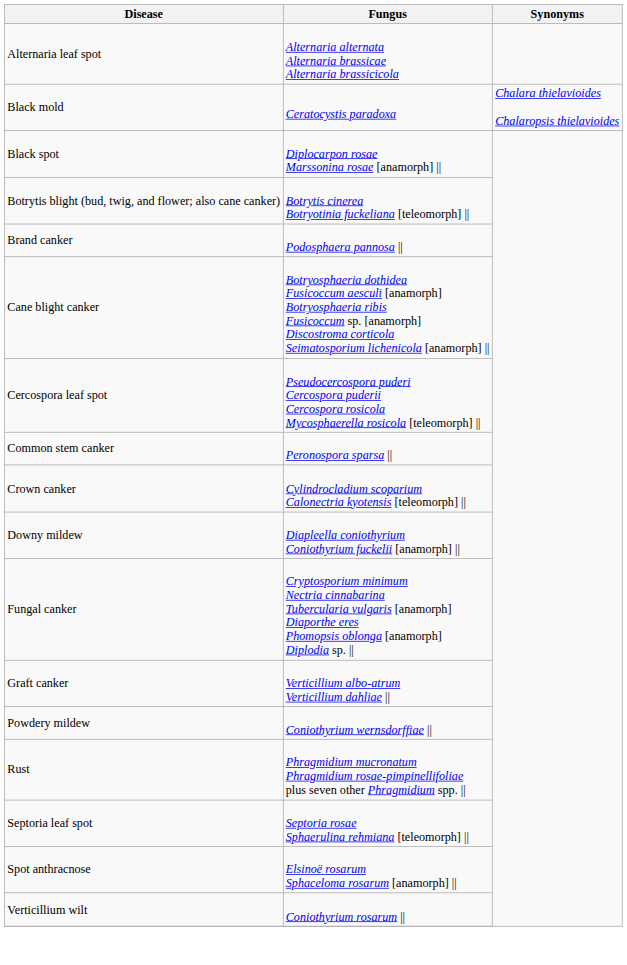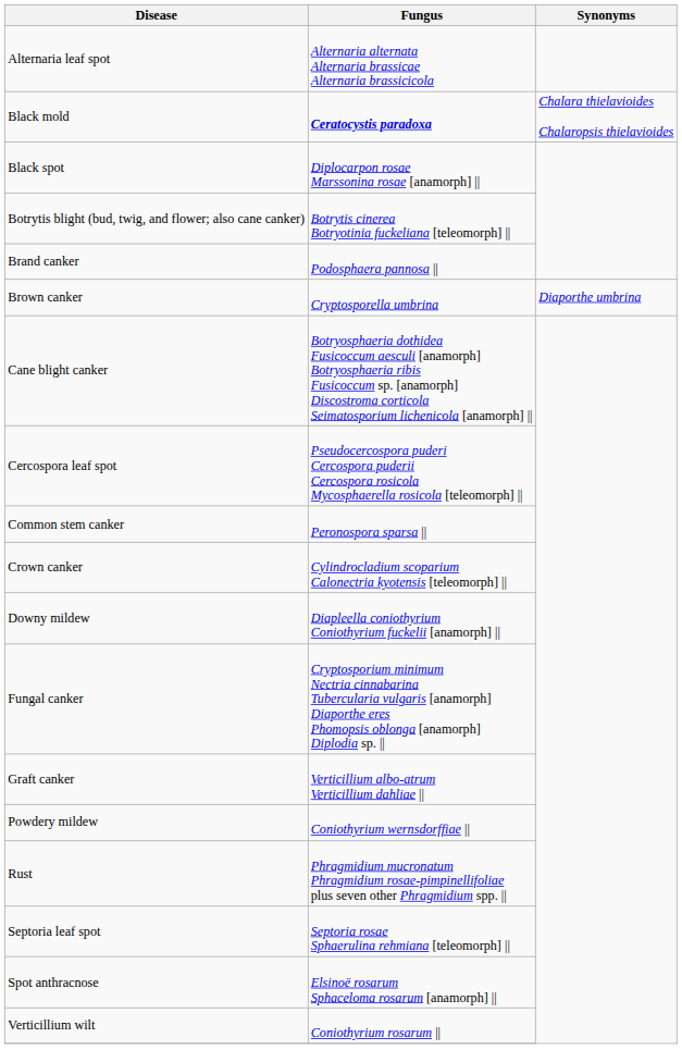 <table class="wikitable collapsible collapsed"  style="margin: 1em auto 1em auto; clear">
 <tr>
 <th>Disease</th>
 <th>Fungus</th>
 <th>Synonyms</th>
 </tr>
 <tr>
 <td>Alternaria leaf spot</td>
 <td><br><em><a href='#'>Alternaria alternata</a></em><br> <em><a href='#'>Alternaria brassicae</a></em> <br> <em><a href='#'>Alternaria brassicicola</a></em></td>
 </tr>
 <tr>
 <td>Black mold</td>
-<td><br><em><a href='#'>Ceratocystis paradoxa</a></em></td>
+<td><strong><br><em><a href='#'>Ceratocystis paradoxa</a></em></strong></td>
 <td><em><a href='#'>Chalara thielavioides</a></em> <br><br><em><a href='#'>Chalaropsis thielavioides</a></em></td>
 </tr>
 <tr>
 <td>Black spot</td>
 <td><br><em><a href='#'>Diplocarpon rosae</a></em><br> <em><a href='#'>Marssonina rosae</a></em> [anamorph] ||</td>
 </tr>
 <tr>
 <td>Botrytis blight (bud, twig, and flower; also cane canker)</td>
 <td><br><em><a href='#'>Botrytis cinerea</a></em><br> <em><a href='#'>Botryotinia fuckeliana</a></em> [teleomorph] ||</td>
 </tr>
 <tr>
 <td>Brand canker</td>
 <td><br><em><a href='#'>Podosphaera pannosa</a></em> ||</td>
+</tr>
+<tr>
+<td>Brown canker</td>
+<td><br><em><a href='#'>Cryptosporella umbrina</a></em></td>
+<td><em><a href='#'>Diaporthe umbrina</a></em></td>
 </tr>
 <tr>
 <td>Cane blight canker</td>
 <td><br><em><a href='#'>Botryosphaeria dothidea</a></em><br> <em><a href='#'>Fusicoccum aesculi</a></em> [anamorph]<br> <em><a href='#'>Botryosphaeria ribis</a></em><br> <em><a href='#'>Fusicoccum</a></em> sp. [anamorph] <br> <em><a href='#'>Discostroma corticola</a></em><br> <em><a href='#'>Seimatosporium lichenicola</a></em> [anamorph] ||</td>
 </tr>
 <tr>
 <td>Cercospora leaf spot</td>
 <td><br><em><a href='#'>Pseudocercospora puderi</a></em> <br> <em><a href='#'>Cercospora puderii</a></em><br> <em><a href='#'>Cercospora rosicola</a></em><br> <em><a href='#'>Mycosphaerella rosicola</a></em> [teleomorph] ||</td>
 </tr>
 <tr>
 <td>Common stem canker</td>
 <td><br><em><a href='#'>Peronospora sparsa</a></em> ||</td>
 </tr>
 <tr>
 <td>Crown canker</td>
 <td><br><em><a href='#'>Cylindrocladium scoparium</a></em><br> <em><a href='#'>Calonectria kyotensis</a></em> [teleomorph] ||</td>
 </tr>
 <tr>
 <td>Downy mildew</td>
 <td><br><em><a href='#'>Diapleella coniothyrium</a></em><br> <em><a href='#'>Coniothyrium fuckelii</a></em> [anamorph] ||</td>
 </tr>
 <tr>
 <td>Fungal canker</td>
 <td><br><em><a href='#'>Cryptosporium minimum</a></em><br> <em><a href='#'>Nectria cinnabarina</a></em><br> <em><a href='#'>Tubercularia vulgaris</a></em> [anamorph]<br> <em><a href='#'>Diaporthe eres</a></em><br> <em><a href='#'>Phomopsis oblonga</a></em> [anamorph]<br> <em><a href='#'>Diplodia</a></em> sp. ||</td>
 </tr>
 <tr>
 <td>Graft canker</td>
 <td><br><em><a href='#'>Verticillium albo-atrum</a></em><br> <em><a href='#'>Verticillium dahliae</a></em> ||</td>
 </tr>
 <tr>
 <td>Powdery mildew</td>
 <td><br><em><a href='#'>Coniothyrium wernsdorffiae</a></em> ||</td>
 </tr>
 <tr>
 <td>Rust</td>
 <td><br><em><a href='#'>Phragmidium mucronatum</a></em><br> <em><a href='#'>Phragmidium rosae-pimpinellifoliae</a></em> <br>  plus seven other <em><a href='#'>Phragmidium</a></em> spp. ||</td>
 </tr>
 <tr>
 <td>Septoria leaf spot</td>
 <td><br><em><a href='#'>Septoria rosae</a></em><br> <em><a href='#'>Sphaerulina rehmiana</a></em> [teleomorph] ||</td>
 </tr>
 <tr>
 <td>Spot anthracnose</td>
 <td><br><em><a href='#'>Elsinoë rosarum</a></em><br> <em><a href='#'>Sphaceloma rosarum</a></em> [anamorph] ||</td>
 </tr>
 <tr>
 <td>Verticillium wilt</td>
 <td><br><em><a href='#'>Coniothyrium rosarum</a></em> ||</td>
 </tr>
 <tr>
 </tr>
 </table>
